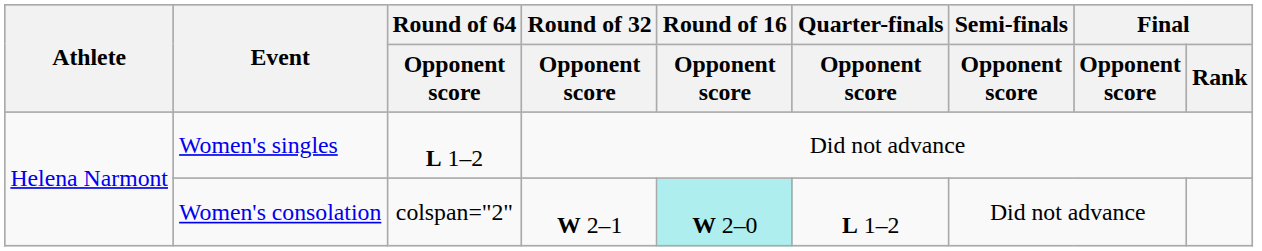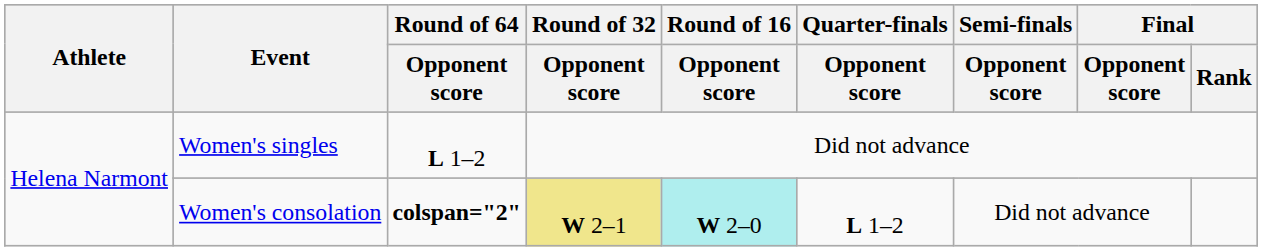 <table class="wikitable" style="font-size:90%; text-align:center">
 <tr>
 <th rowspan="2">Athlete</th>
 <th rowspan="2">Event</th>
 <th>Round of 64</th>
 <th>Round of 32</th>
 <th>Round of 16</th>
 <th>Quarter-finals</th>
 <th>Semi-finals</th>
 <th colspan="2">Final</th>
 </tr>
 <tr>
 <th>Opponent<br>score</th>
 <th>Opponent<br>score</th>
 <th>Opponent<br>score</th>
 <th>Opponent<br>score</th>
 <th>Opponent<br>score</th>
 <th>Opponent<br>score</th>
 <th>Rank</th>
 </tr>
 <tr>
 <td align="left" rowspan=2><a href='#'>Helena Narmont</a></td>
 <td align="left"><a href='#'>Women's singles</a></td>
 <td><br><strong>L</strong> 1–2</td>
 <td colspan="6">Did not advance</td>
 </tr>
 <tr>
 <td align="left"><a href='#'>Women's consolation</a></td>
-<td>colspan="2"  </td>
-<td><br><strong>W</strong> 2–1</td>
+<td><strong>colspan="2"  </strong></td>
+<td style="background: khaki;"><br><strong>W</strong> 2–1</td>
 <td style="background: paleturquoise;"><br><strong>W</strong> 2–0</td>
 <td><br><strong>L</strong> 1–2</td>
 <td colspan="2">Did not advance</td>
 </tr>
 </table>
